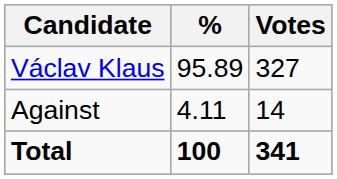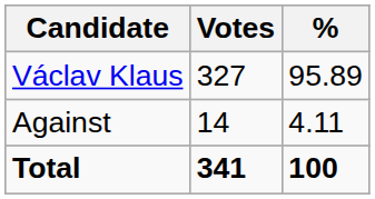 <table class="wikitable style=text-align:right">
 <tr>
 <th>Candidate</th>
+<th>Votes</th>
 <th>%</th>
-<th>Votes</th>
 </tr>
 <tr>
 <td align=left><a href='#'>Václav Klaus</a></td>
+<td>327</td>
 <td>95.89</td>
-<td>327</td>
 </tr>
 <tr>
 <td align=left>Against</td>
+<td>14</td>
 <td>4.11</td>
-<td>14</td>
 </tr>
 <tr>
 <td align=left><strong>Total</strong></td>
+<td><strong>341</strong></td>
 <td><strong>100</strong></td>
-<td><strong>341</strong></td>
 </tr>
 </table>
